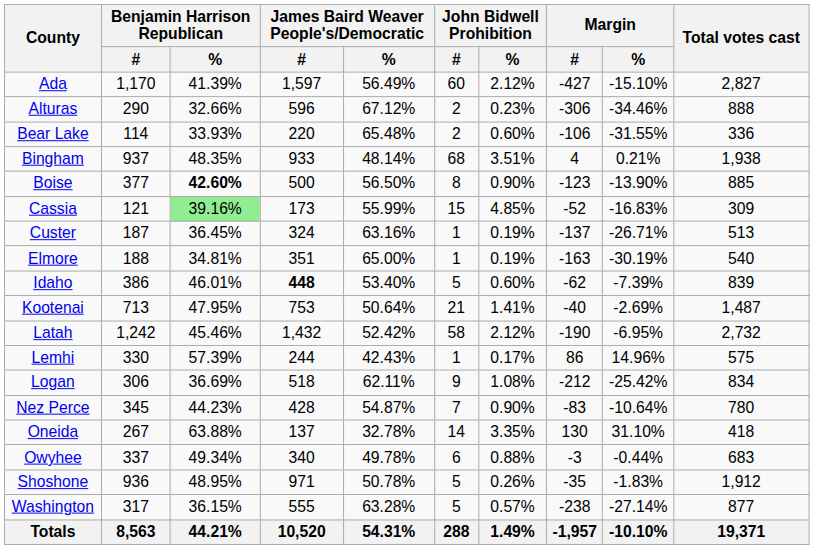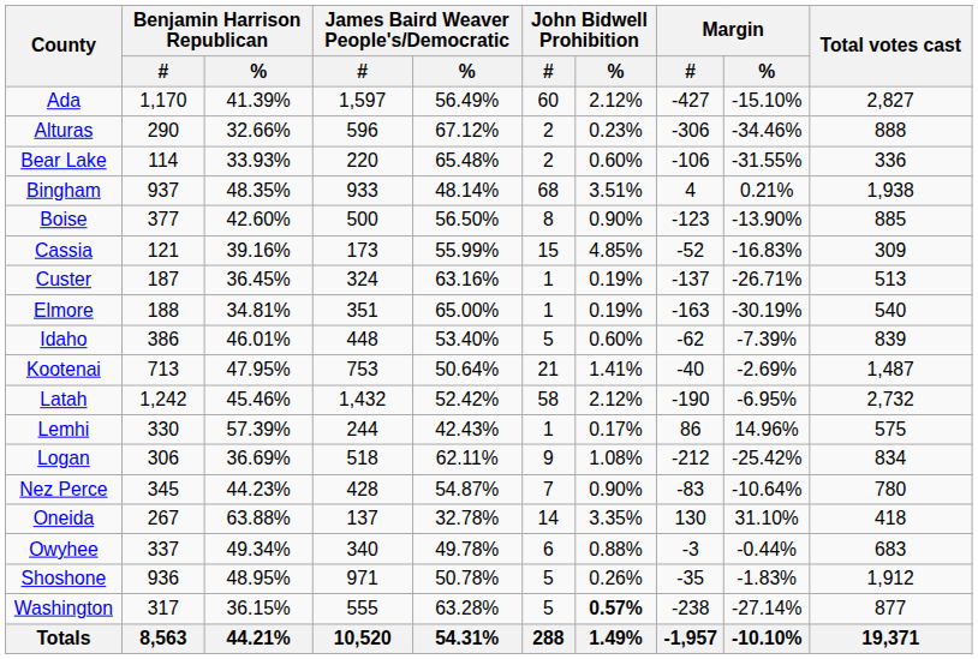 <table width="65%" class="wikitable sortable">
 <tr>
 <th style="text-align:center;" rowspan="2">County</th>
 <th style="text-align:center;" colspan="2">Benjamin Harrison<br>Republican</th>
 <th style="text-align:center;" colspan="2">James Baird Weaver<br>People's/Democratic</th>
 <th style="text-align:center;" colspan="2">John Bidwell<br>Prohibition</th>
 <th style="text-align:center;" colspan="2">Margin</th>
 <th style="text-align:center;" rowspan="2">Total votes cast</th>
 </tr>
 <tr>
 <th style="text-align:center;" data-sort-type="number">#</th>
 <th style="text-align:center;" data-sort-type="number">%</th>
 <th style="text-align:center;" data-sort-type="number">#</th>
 <th style="text-align:center;" data-sort-type="number">%</th>
 <th style="text-align:center;" data-sort-type="number">#</th>
 <th style="text-align:center;" data-sort-type="number">%</th>
 <th style="text-align:center;" data-sort-type="number">#</th>
 <th style="text-align:center;" data-sort-type="number">%</th>
 </tr>
 <tr style="text-align:center;">
 <td><a href='#'>Ada</a></td>
 <td>1,170</td>
 <td>41.39%</td>
 <td>1,597</td>
 <td>56.49%</td>
 <td>60</td>
 <td>2.12%</td>
 <td>-427</td>
 <td>-15.10%</td>
 <td>2,827</td>
 </tr>
 <tr style="text-align:center;">
 <td><a href='#'>Alturas</a></td>
 <td>290</td>
 <td>32.66%</td>
 <td>596</td>
 <td>67.12%</td>
 <td>2</td>
 <td>0.23%</td>
 <td>-306</td>
 <td>-34.46%</td>
 <td>888</td>
 </tr>
 <tr style="text-align:center;">
 <td><a href='#'>Bear Lake</a></td>
 <td>114</td>
 <td>33.93%</td>
 <td>220</td>
 <td>65.48%</td>
 <td>2</td>
 <td>0.60%</td>
 <td>-106</td>
 <td>-31.55%</td>
 <td>336</td>
 </tr>
 <tr style="text-align:center;">
 <td><a href='#'>Bingham</a></td>
 <td>937</td>
 <td>48.35%</td>
 <td>933</td>
 <td>48.14%</td>
 <td>68</td>
 <td>3.51%</td>
 <td>4</td>
 <td>0.21%</td>
 <td>1,938</td>
 </tr>
 <tr style="text-align:center;">
 <td><a href='#'>Boise</a></td>
 <td>377</td>
-<td><strong>42.60%</strong></td>
+<td>42.60%</td>
 <td>500</td>
 <td>56.50%</td>
 <td>8</td>
 <td>0.90%</td>
 <td>-123</td>
 <td>-13.90%</td>
 <td>885</td>
 </tr>
 <tr style="text-align:center;">
 <td><a href='#'>Cassia</a></td>
 <td>121</td>
-<td style="background: lightgreen;">39.16%</td>
+<td>39.16%</td>
 <td>173</td>
 <td>55.99%</td>
 <td>15</td>
 <td>4.85%</td>
 <td>-52</td>
 <td>-16.83%</td>
 <td>309</td>
 </tr>
 <tr style="text-align:center;">
 <td><a href='#'>Custer</a></td>
 <td>187</td>
 <td>36.45%</td>
 <td>324</td>
 <td>63.16%</td>
 <td>1</td>
 <td>0.19%</td>
 <td>-137</td>
 <td>-26.71%</td>
 <td>513</td>
 </tr>
 <tr style="text-align:center;">
 <td><a href='#'>Elmore</a></td>
 <td>188</td>
 <td>34.81%</td>
 <td>351</td>
 <td>65.00%</td>
 <td>1</td>
 <td>0.19%</td>
 <td>-163</td>
 <td>-30.19%</td>
 <td>540</td>
 </tr>
 <tr style="text-align:center;">
 <td><a href='#'>Idaho</a></td>
 <td>386</td>
 <td>46.01%</td>
-<td><strong>448</strong></td>
+<td>448</td>
 <td>53.40%</td>
 <td>5</td>
 <td>0.60%</td>
 <td>-62</td>
 <td>-7.39%</td>
 <td>839</td>
 </tr>
 <tr style="text-align:center;">
 <td><a href='#'>Kootenai</a></td>
 <td>713</td>
 <td>47.95%</td>
 <td>753</td>
 <td>50.64%</td>
 <td>21</td>
 <td>1.41%</td>
 <td>-40</td>
 <td>-2.69%</td>
 <td>1,487</td>
 </tr>
 <tr style="text-align:center;">
 <td><a href='#'>Latah</a></td>
 <td>1,242</td>
 <td>45.46%</td>
 <td>1,432</td>
 <td>52.42%</td>
 <td>58</td>
 <td>2.12%</td>
 <td>-190</td>
 <td>-6.95%</td>
 <td>2,732</td>
 </tr>
 <tr style="text-align:center;">
 <td><a href='#'>Lemhi</a></td>
 <td>330</td>
 <td>57.39%</td>
 <td>244</td>
 <td>42.43%</td>
 <td>1</td>
 <td>0.17%</td>
 <td>86</td>
 <td>14.96%</td>
 <td>575</td>
 </tr>
 <tr style="text-align:center;">
 <td><a href='#'>Logan</a></td>
 <td>306</td>
 <td>36.69%</td>
 <td>518</td>
 <td>62.11%</td>
 <td>9</td>
 <td>1.08%</td>
 <td>-212</td>
 <td>-25.42%</td>
 <td>834</td>
 </tr>
 <tr style="text-align:center;">
 <td><a href='#'>Nez Perce</a></td>
 <td>345</td>
 <td>44.23%</td>
 <td>428</td>
 <td>54.87%</td>
 <td>7</td>
 <td>0.90%</td>
 <td>-83</td>
 <td>-10.64%</td>
 <td>780</td>
 </tr>
 <tr style="text-align:center;">
 <td><a href='#'>Oneida</a></td>
 <td>267</td>
 <td>63.88%</td>
 <td>137</td>
 <td>32.78%</td>
 <td>14</td>
 <td>3.35%</td>
 <td>130</td>
 <td>31.10%</td>
 <td>418</td>
 </tr>
 <tr style="text-align:center;">
 <td><a href='#'>Owyhee</a></td>
 <td>337</td>
 <td>49.34%</td>
 <td>340</td>
 <td>49.78%</td>
 <td>6</td>
 <td>0.88%</td>
 <td>-3</td>
 <td>-0.44%</td>
 <td>683</td>
 </tr>
 <tr style="text-align:center;">
 <td><a href='#'>Shoshone</a></td>
 <td>936</td>
 <td>48.95%</td>
 <td>971</td>
 <td>50.78%</td>
 <td>5</td>
 <td>0.26%</td>
 <td>-35</td>
 <td>-1.83%</td>
 <td>1,912</td>
 </tr>
 <tr style="text-align:center;">
 <td><a href='#'>Washington</a></td>
 <td>317</td>
 <td>36.15%</td>
 <td>555</td>
 <td>63.28%</td>
 <td>5</td>
-<td>0.57%</td>
+<td><strong>0.57%</strong></td>
 <td>-238</td>
 <td>-27.14%</td>
 <td>877</td>
 </tr>
 <tr style="text-align:center;">
 <th>Totals</th>
 <th>8,563</th>
 <th>44.21%</th>
 <th>10,520</th>
 <th>54.31%</th>
 <th>288</th>
 <th>1.49%</th>
 <th>-1,957</th>
 <th>-10.10%</th>
 <th>19,371</th>
 </tr>
 </table>
